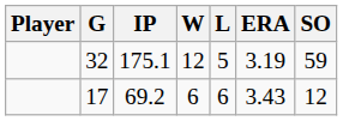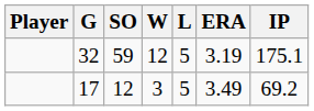 <table class="wikitable sortable" style="text-align:center;">
 <tr>
 <th>Player</th>
 <th>G</th>
-<th>IP</th>
+<th>SO</th>
 <th>W</th>
 <th>L</th>
 <th>ERA</th>
-<th>SO</th>
+<th>IP</th>
 </tr>
 <tr>
 <td></td>
 <td>32</td>
-<td>175.1</td>
+<td>59</td>
 <td>12</td>
 <td>5</td>
 <td>3.19</td>
-<td>59</td>
+<td>175.1</td>
 </tr>
 <tr>
 <td></td>
 <td>17</td>
+<td>12</td>
+<td>3</td>
+<td>5</td>
+<td>3.49</td>
 <td>69.2</td>
-<td>6</td>
-<td>6</td>
-<td>3.43</td>
-<td>12</td>
 </tr>
 </table>
